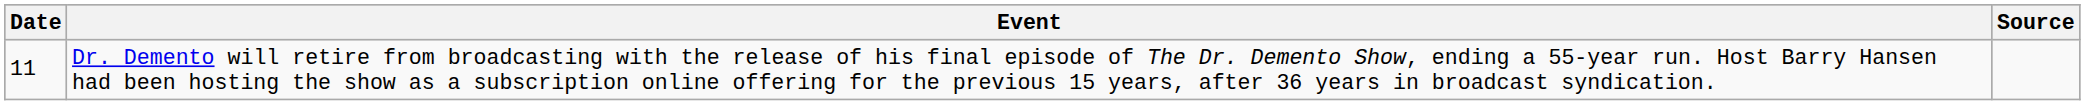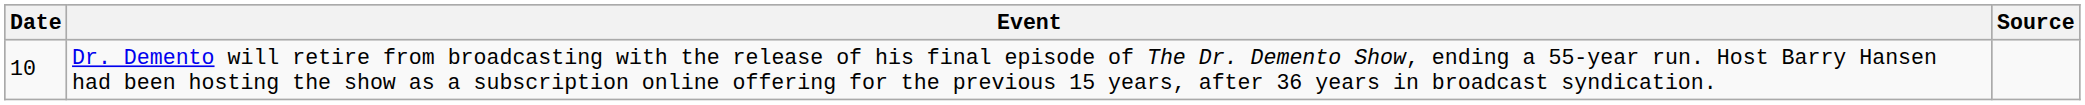 <table class=wikitable>
 <tr>
 <th>Date</th>
 <th>Event</th>
 <th>Source</th>
 </tr>
 <tr>
-<td>11</td>
+<td>10</td>
 <td><a href='#'>Dr. Demento</a> will retire from broadcasting with the release of his final episode of <em>The Dr. Demento Show</em>, ending a 55-year run. Host Barry Hansen had been hosting the show as a subscription online offering for the previous 15 years, after 36 years in broadcast syndication.</td>
 <td></td>
 </tr>
 </table>
